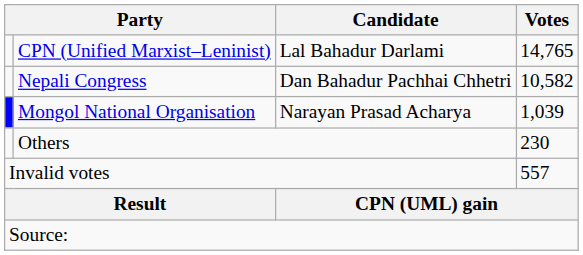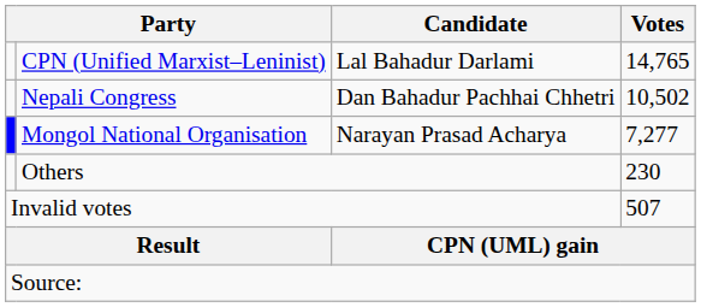 <table class="wikitable">
 <tr>
 <th colspan="2">Party</th>
 <th>Candidate</th>
 <th>Votes</th>
 </tr>
 <tr>
 <td style="background-color:"></td>
 <td><a href='#'>CPN (Unified Marxist–Leninist)</a></td>
 <td>Lal Bahadur Darlami</td>
 <td>14,765</td>
 </tr>
 <tr>
 <td style="background-color:"></td>
 <td><a href='#'>Nepali Congress</a></td>
 <td>Dan Bahadur Pachhai Chhetri</td>
-<td>10,582</td>
+<td>10,502</td>
 </tr>
 <tr>
 <td style="background-color:blue"></td>
 <td><a href='#'>Mongol National Organisation</a></td>
 <td>Narayan Prasad Acharya</td>
-<td>1,039</td>
+<td>7,277</td>
 </tr>
 <tr>
 <td></td>
 <td colspan="2">Others</td>
 <td>230</td>
 </tr>
 <tr>
 <td colspan="3">Invalid votes</td>
-<td>557</td>
+<td>507</td>
 </tr>
 <tr>
 <th colspan="2">Result</th>
 <th colspan="2">CPN (UML) gain</th>
 </tr>
 <tr>
 <td colspan="4">Source: </td>
 </tr>
 </table>
